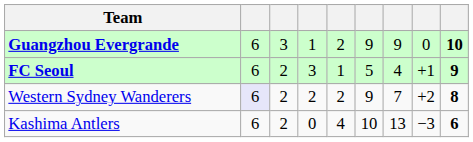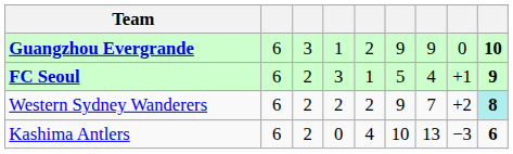 <table class="wikitable" style="text-align:center;">
 <tr>
 <th width=220>Team</th>
 <th width=20></th>
 <th width=20></th>
 <th width=20></th>
 <th width=20></th>
 <th width=20></th>
 <th width=20></th>
 <th width=20></th>
 <th width=20></th>
 </tr>
 <tr bgcolor=#ccffcc>
 <td align=left> <strong><a href='#'>Guangzhou Evergrande</a></strong></td>
 <td>6</td>
 <td>3</td>
 <td>1</td>
 <td>2</td>
 <td>9</td>
 <td>9</td>
 <td>0</td>
 <td><strong>10</strong></td>
 </tr>
 <tr bgcolor=#ccffcc>
 <td align=left> <strong><a href='#'>FC Seoul</a></strong></td>
 <td>6</td>
 <td>2</td>
 <td>3</td>
 <td>1</td>
 <td>5</td>
 <td>4</td>
 <td>+1</td>
 <td><strong>9</strong></td>
 </tr>
 <tr>
 <td align=left> <a href='#'>Western Sydney Wanderers</a></td>
-<td style="background: lavender;">6</td>
+<td>6</td>
 <td>2</td>
 <td>2</td>
 <td>2</td>
 <td>9</td>
 <td>7</td>
 <td>+2</td>
-<td><strong>8</strong></td>
+<td style="background: paleturquoise;"><strong>8</strong></td>
 </tr>
 <tr>
 <td align=left> <a href='#'>Kashima Antlers</a></td>
 <td>6</td>
 <td>2</td>
 <td>0</td>
 <td>4</td>
 <td>10</td>
 <td>13</td>
 <td>−3</td>
 <td><strong>6</strong></td>
 </tr>
 </table>
